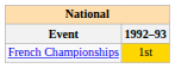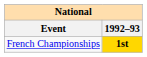 <table class="wikitable" style="text-align:center">
 <tr>
 <th style="background-color: #ffdead; " colspan=2 align=center><strong>National</strong></th>
 </tr>
 <tr>
 <th>Event</th>
 <th>1992–93</th>
 </tr>
 <tr>
 <td align=left><a href='#'>French Championships</a></td>
-<td bgcolor=gold>1st</td>
+<td bgcolor=gold><strong>1st</strong></td>
 </tr>
 </table>
